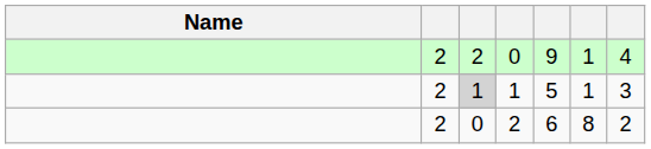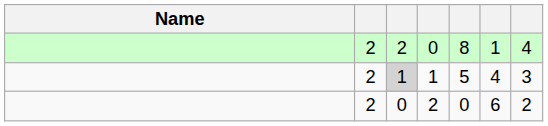 <table class=wikitable style="text-align:center">
 <tr>
 <th width=300>Name</th>
 <th width=20></th>
 <th width=20></th>
 <th width=20></th>
 <th width=20></th>
 <th width=20></th>
 <th width=20></th>
 </tr>
 <tr style="background-color:#ccffcc;">
 <td style="text-align:left;"></td>
 <td>2</td>
 <td>2</td>
 <td>0</td>
-<td>9</td>
+<td>8</td>
 <td>1</td>
 <td>4</td>
 </tr>
 <tr>
 <td style="text-align:left;"></td>
 <td>2</td>
 <td style="background: lightgrey;">1</td>
 <td>1</td>
 <td>5</td>
-<td>1</td>
+<td>4</td>
 <td>3</td>
 </tr>
 <tr>
 <td style="text-align:left;"></td>
 <td>2</td>
 <td>0</td>
 <td>2</td>
+<td>0</td>
 <td>6</td>
-<td>8</td>
 <td>2</td>
 </tr>
 </table>
